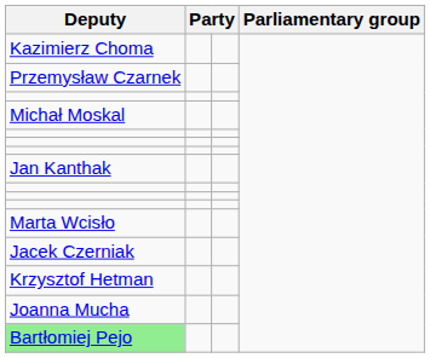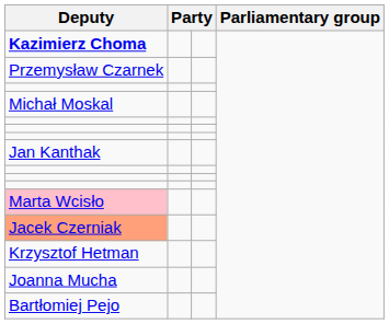 <table class="wikitable">
 <tr>
 <th>Deputy</th>
 <th colspan="2">Party</th>
 <th colspan="2">Parliamentary group</th>
 </tr>
 <tr>
-<td><a href='#'>Kazimierz Choma</a></td>
+<td><strong><a href='#'>Kazimierz Choma</a></strong></td>
 <td></td>
 <td></td>
 </tr>
 <tr>
 <td><a href='#'>Przemysław Czarnek</a></td>
 <td></td>
 <td></td>
 </tr>
 <tr>
 <td></td>
 <td></td>
 <td></td>
 </tr>
 <tr>
 <td><a href='#'>Michał Moskal</a></td>
 <td></td>
 <td></td>
 </tr>
 <tr>
 <td></td>
 <td></td>
 <td></td>
 </tr>
 <tr>
 <td></td>
 <td></td>
 <td></td>
 </tr>
 <tr>
 <td></td>
 <td></td>
 <td></td>
 </tr>
 <tr>
 <td><a href='#'>Jan Kanthak</a></td>
 <td></td>
 <td></td>
 </tr>
 <tr>
 <td></td>
 <td></td>
 <td></td>
 </tr>
 <tr>
 <td></td>
 <td></td>
 <td></td>
 </tr>
 <tr>
 <td></td>
 <td></td>
 <td></td>
 </tr>
 <tr>
-<td><a href='#'>Marta Wcisło</a></td>
+<td style="background: pink;"><a href='#'>Marta Wcisło</a></td>
 <td></td>
 <td></td>
 </tr>
 <tr>
-<td><a href='#'>Jacek Czerniak</a></td>
+<td style="background: lightsalmon;"><a href='#'>Jacek Czerniak</a></td>
 <td></td>
 <td></td>
 </tr>
 <tr>
 <td><a href='#'>Krzysztof Hetman</a></td>
 <td></td>
 <td></td>
 </tr>
 <tr>
 <td><a href='#'>Joanna Mucha</a></td>
 <td></td>
 <td></td>
 </tr>
 <tr>
-<td style="background: lightgreen;"><a href='#'>Bartłomiej Pejo</a></td>
+<td><a href='#'>Bartłomiej Pejo</a></td>
 <td></td>
 <td></td>
 </tr>
 </table>
